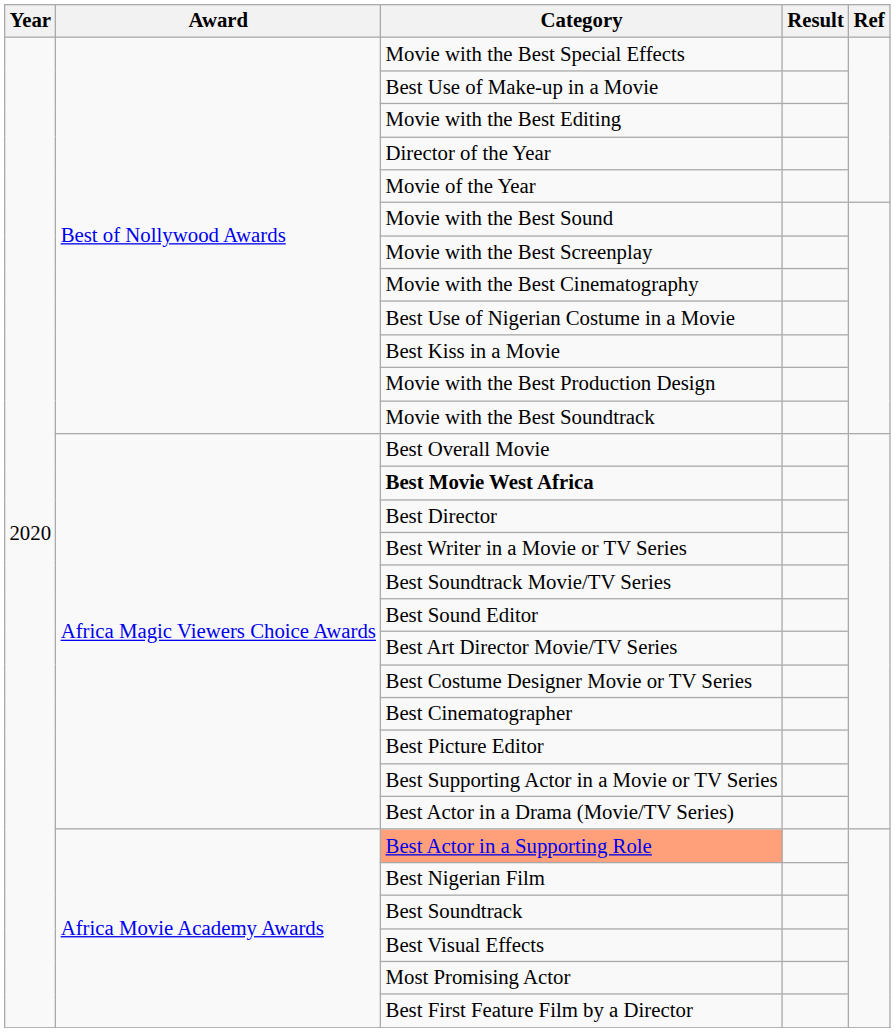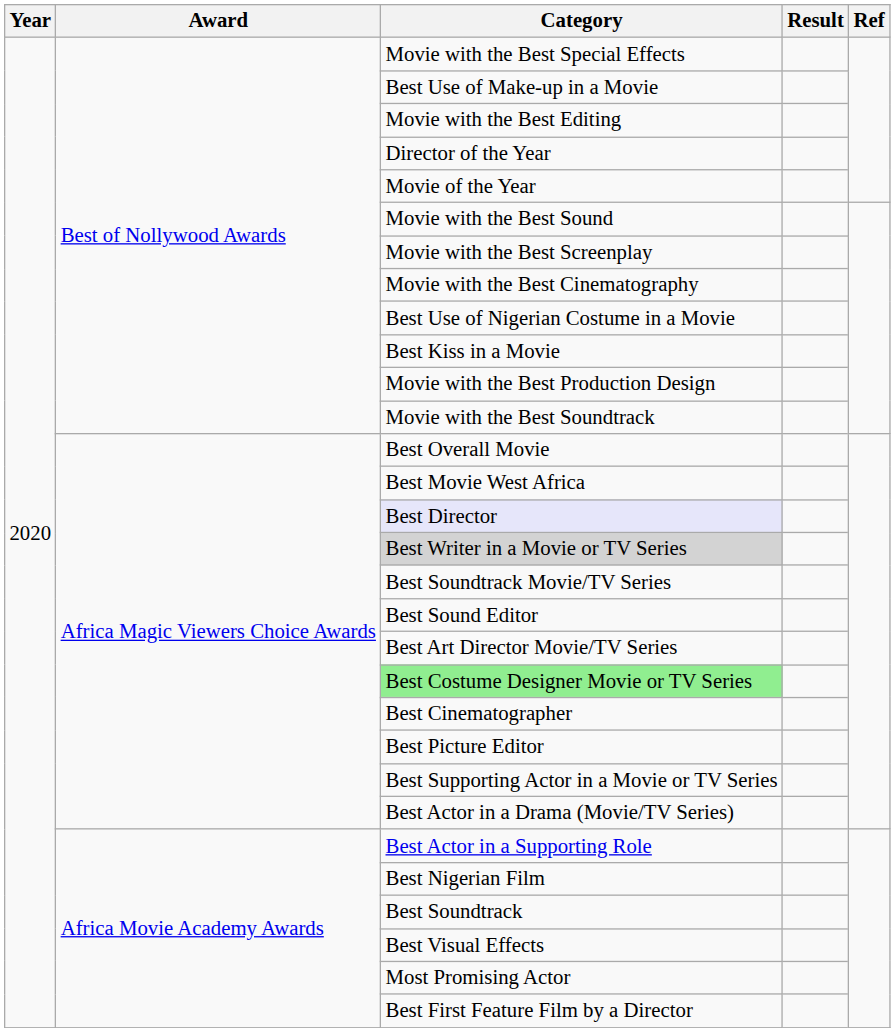 <table class="wikitable">
 <tr>
 <th>Year</th>
 <th>Award</th>
 <th>Category</th>
 <th>Result</th>
 <th>Ref</th>
 </tr>
 <tr>
 <td rowspan="30">2020</td>
 <td rowspan="12"><a href='#'>Best of Nollywood Awards</a></td>
 <td>Movie with the Best Special Effects</td>
 <td></td>
 <td rowspan="5"></td>
 </tr>
 <tr>
 <td>Best Use of Make-up in a Movie</td>
 <td></td>
 </tr>
 <tr>
 <td>Movie with the Best Editing</td>
 <td></td>
 </tr>
 <tr>
 <td>Director of the Year</td>
 <td></td>
 </tr>
 <tr>
 <td>Movie of the Year</td>
 <td></td>
 </tr>
 <tr>
 <td>Movie with the Best Sound</td>
 <td></td>
 <td rowspan="7"></td>
 </tr>
 <tr>
 <td>Movie with the Best Screenplay</td>
 <td></td>
 </tr>
 <tr>
 <td>Movie with the Best Cinematography</td>
 <td></td>
 </tr>
 <tr>
 <td>Best Use of Nigerian Costume in a Movie</td>
 <td></td>
 </tr>
 <tr>
 <td>Best Kiss in a Movie</td>
 <td></td>
 </tr>
 <tr>
 <td>Movie with the Best Production Design</td>
 <td></td>
 </tr>
 <tr>
 <td>Movie with the Best Soundtrack</td>
 <td></td>
 </tr>
 <tr>
 <td rowspan="12"><a href='#'>Africa Magic Viewers Choice Awards</a></td>
 <td>Best Overall Movie</td>
 <td></td>
 <td rowspan="12"></td>
 </tr>
 <tr>
-<td><strong>Best Movie West Africa</strong></td>
+<td>Best Movie West Africa</td>
 <td></td>
 </tr>
 <tr>
-<td>Best Director</td>
+<td style="background: lavender;">Best Director</td>
 <td></td>
 </tr>
 <tr>
-<td>Best Writer in a Movie or TV Series</td>
+<td style="background: lightgrey;">Best Writer in a Movie or TV Series</td>
 <td></td>
 </tr>
 <tr>
 <td>Best Soundtrack Movie/TV Series</td>
 <td></td>
 </tr>
 <tr>
 <td>Best Sound Editor</td>
 <td></td>
 </tr>
 <tr>
 <td>Best Art Director Movie/TV Series</td>
 <td></td>
 </tr>
 <tr>
-<td>Best Costume Designer Movie or TV Series</td>
+<td style="background: lightgreen;">Best Costume Designer Movie or TV Series</td>
 <td></td>
 </tr>
 <tr>
 <td>Best Cinematographer</td>
 <td></td>
 </tr>
 <tr>
 <td>Best Picture Editor</td>
 <td></td>
 </tr>
 <tr>
 <td>Best Supporting Actor in a Movie or TV Series</td>
 <td></td>
 </tr>
 <tr>
 <td>Best Actor in a Drama (Movie/TV Series)</td>
 <td></td>
 </tr>
 <tr>
 <td rowspan="6"><a href='#'>Africa Movie Academy Awards</a></td>
-<td style="background: lightsalmon;"><a href='#'>Best Actor in a Supporting Role</a></td>
+<td><a href='#'>Best Actor in a Supporting Role</a></td>
 <td></td>
 <td rowspan="6"></td>
 </tr>
 <tr>
 <td>Best Nigerian Film</td>
 <td></td>
 </tr>
 <tr>
 <td>Best Soundtrack</td>
 <td></td>
 </tr>
 <tr>
 <td>Best Visual Effects</td>
 <td></td>
 </tr>
 <tr>
 <td>Most Promising Actor</td>
 <td></td>
 </tr>
 <tr>
 <td>Best First Feature Film by a Director</td>
 <td></td>
 </tr>
 </table>
